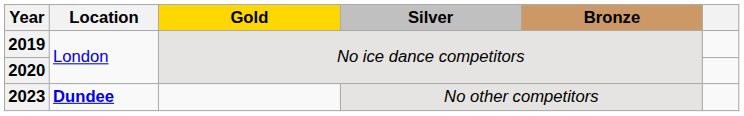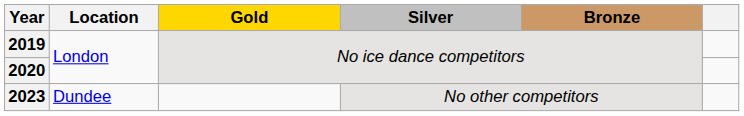 <table class="wikitable unsortable" style="text-align:left; width:80%">
 <tr>
 <th scope="col" style="text-align:center; width:5%">Year</th>
 <th scope="col" style="text-align:center; width:15%">Location</th>
 <th scope="col" style="text-align:center; width:25%; background:gold">Gold</th>
 <th scope="col" style="text-align:center; width:25%; background:silver">Silver</th>
 <th scope="col" style="text-align:center; width:25%; background:#c96">Bronze</th>
 <th scope="col" style="text-align:center; width:5%"></th>
 </tr>
 <tr>
 <th scope="row" style="text-align:left">2019</th>
 <td rowspan="2"> <a href='#'>London</a></td>
 <td colspan="3" rowspan="2" align="center" bgcolor="e5e4e2"><em>No ice dance competitors</em></td>
 <td></td>
 </tr>
 <tr>
 <th scope="row" style="text-align:left">2020</th>
 <td></td>
 </tr>
 <tr>
 <th scope="row" style="text-align:left">2023</th>
-<td><strong> <a href='#'>Dundee</a></strong></td>
+<td> <a href='#'>Dundee</a></td>
 <td></td>
 <td colspan="2" align="center" bgcolor="e5e4e2"><em>No other competitors</em></td>
 <td></td>
 </tr>
 </table>
